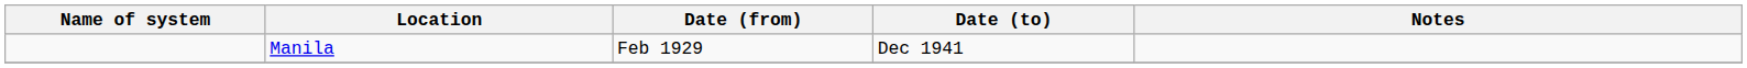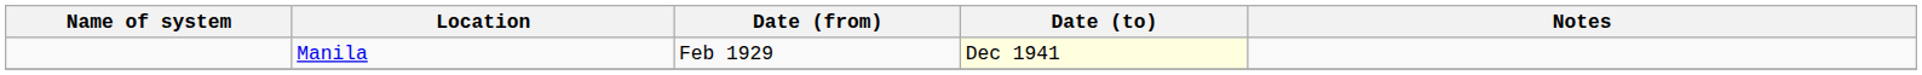 <table class="wikitable" width=100%>
 <tr>
 <th width=15%>Name of system</th>
 <th width=20%>Location</th>
 <th width=15%>Date (from)</th>
 <th width=15%>Date (to)</th>
 <th width=35%>Notes</th>
 </tr>
 <tr>
 <td> </td>
 <td><a href='#'>Manila</a></td>
 <td>Feb 1929</td>
-<td>Dec 1941</td>
+<td style="background: lightyellow;">Dec 1941</td>
 <td> </td>
 </tr>
 <tr>
 </tr>
 </table>
